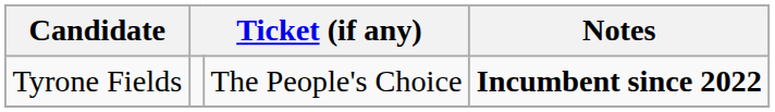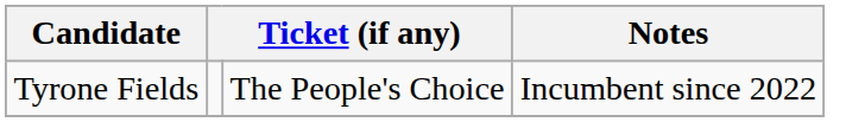 <table class="wikitable" style="font-size: 95%">
 <tr>
 <th>Candidate</th>
 <th colspan="2"><a href='#'>Ticket</a> (if any)</th>
 <th>Notes</th>
 </tr>
 <tr>
 <td>Tyrone Fields</td>
 <td style="background-color:"></td>
 <td>The People's Choice</td>
-<td><strong>Incumbent since 2022</strong></td>
+<td>Incumbent since 2022</td>
 </tr>
 <tr>
 </tr>
 </table>
